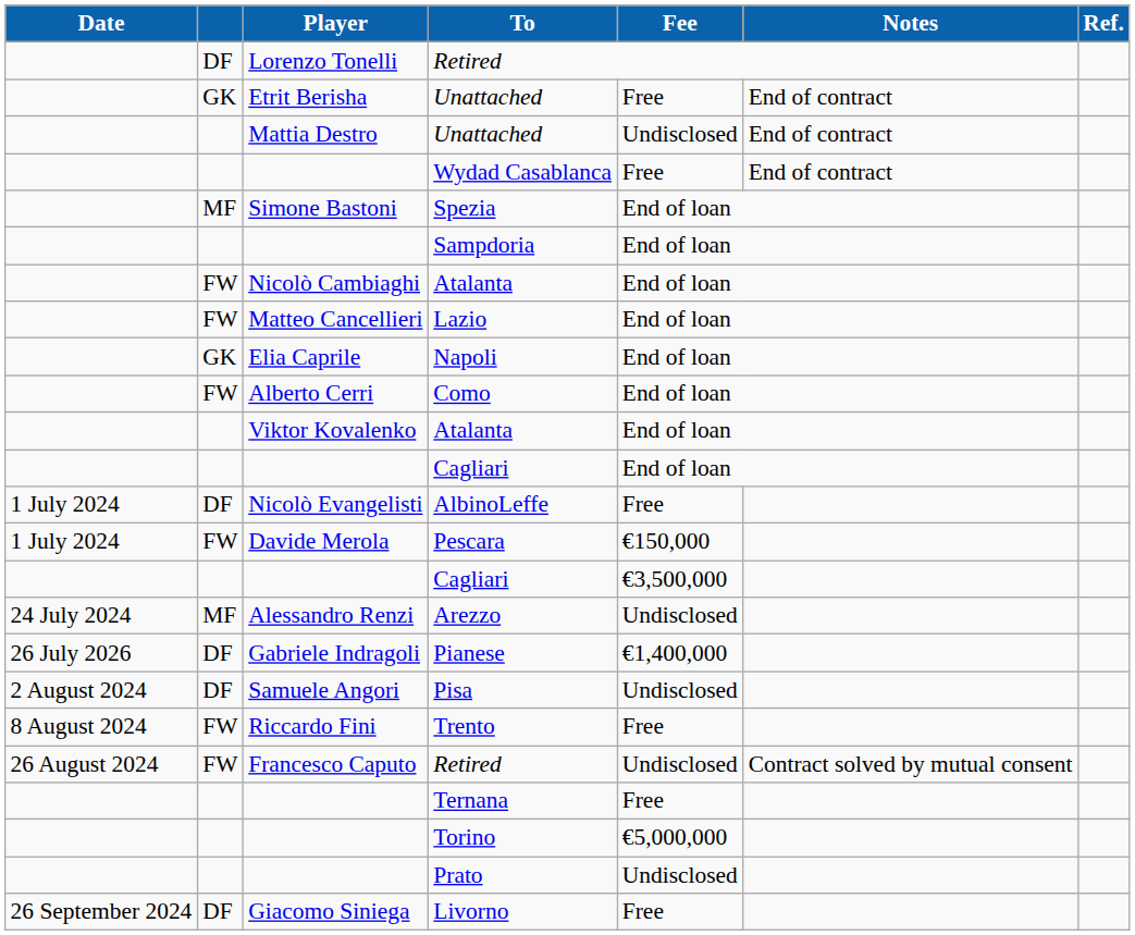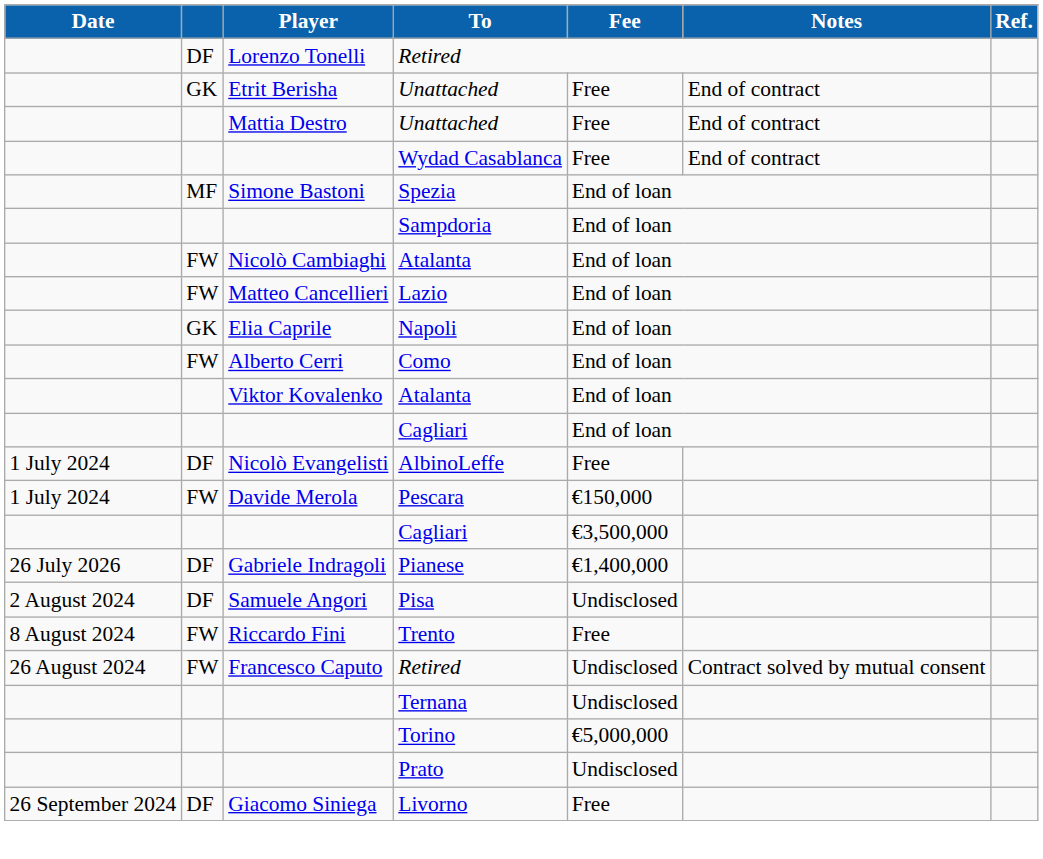 <table class="wikitable plainrowheaders">
 <tr>
 <th style="background:#0962AB;color:white">Date</th>
 <th style="background:#0962AB;color:white"></th>
 <th style="background:#0962AB;color:white">Player</th>
 <th style="background:#0962AB;color:white">To</th>
 <th style="background:#0962AB;color:white">Fee</th>
 <th style="background:#0962AB;color:white">Notes</th>
 <th style="background:#0962AB;color:white">Ref.</th>
 </tr>
 <tr>
 <td></td>
 <td>DF</td>
 <td> <a href='#'>Lorenzo Tonelli</a></td>
 <td colspan="3"><em>Retired</em></td>
 <td></td>
 </tr>
 <tr>
 <td></td>
 <td>GK</td>
 <td> <a href='#'>Etrit Berisha</a></td>
 <td><em>Unattached</em></td>
 <td>Free</td>
 <td>End of contract</td>
 <td></td>
 </tr>
 <tr>
 <td></td>
 <td></td>
 <td> <a href='#'>Mattia Destro</a></td>
 <td><em>Unattached</em></td>
-<td>Undisclosed</td>
+<td>Free</td>
 <td>End of contract</td>
 <td></td>
 </tr>
 <tr>
 <td></td>
 <td align="center"></td>
 <td> </td>
 <td> <a href='#'>Wydad Casablanca</a></td>
 <td>Free</td>
 <td>End of contract</td>
 <td></td>
 </tr>
 <tr>
 <td></td>
 <td>MF</td>
 <td> <a href='#'>Simone Bastoni</a></td>
 <td> <a href='#'>Spezia</a></td>
 <td colspan="2">End of loan</td>
 <td></td>
 </tr>
 <tr>
 <td></td>
 <td align="center"></td>
 <td> </td>
 <td> <a href='#'>Sampdoria</a></td>
 <td colspan="2">End of loan</td>
 <td></td>
 </tr>
 <tr>
 <td></td>
 <td>FW</td>
 <td> <a href='#'>Nicolò Cambiaghi</a></td>
 <td> <a href='#'>Atalanta</a></td>
 <td colspan="2">End of loan</td>
 <td></td>
 </tr>
 <tr>
 <td></td>
 <td>FW</td>
 <td> <a href='#'>Matteo Cancellieri</a></td>
 <td> <a href='#'>Lazio</a></td>
 <td colspan="2">End of loan</td>
 <td></td>
 </tr>
 <tr>
 <td></td>
 <td>GK</td>
 <td> <a href='#'>Elia Caprile</a></td>
 <td> <a href='#'>Napoli</a></td>
 <td colspan="2">End of loan</td>
 <td></td>
 </tr>
 <tr>
 <td></td>
 <td>FW</td>
 <td> <a href='#'>Alberto Cerri</a></td>
 <td> <a href='#'>Como</a></td>
 <td colspan="2">End of loan</td>
 <td></td>
 </tr>
 <tr>
 <td></td>
 <td></td>
 <td> <a href='#'>Viktor Kovalenko</a></td>
 <td> <a href='#'>Atalanta</a></td>
 <td colspan="2">End of loan</td>
 <td></td>
 </tr>
 <tr>
 <td></td>
 <td align="center"></td>
 <td> </td>
 <td> <a href='#'>Cagliari</a></td>
 <td colspan="2">End of loan</td>
 <td></td>
 </tr>
 <tr>
 <td>1 July 2024</td>
 <td>DF</td>
 <td> <a href='#'>Nicolò Evangelisti</a></td>
 <td> <a href='#'>AlbinoLeffe</a></td>
 <td>Free</td>
 <td></td>
 <td></td>
 </tr>
 <tr>
 <td>1 July 2024</td>
 <td>FW</td>
 <td> <a href='#'>Davide Merola</a></td>
 <td> <a href='#'>Pescara</a></td>
 <td>€150,000</td>
 <td></td>
 <td></td>
 </tr>
 <tr>
 <td></td>
 <td align="center"></td>
 <td> </td>
 <td> <a href='#'>Cagliari</a></td>
 <td>€3,500,000</td>
 <td></td>
 <td></td>
 </tr>
 <tr>
-<td>24 July 2024</td>
-<td>MF</td>
-<td> <a href='#'>Alessandro Renzi</a></td>
-<td> <a href='#'>Arezzo</a></td>
-<td>Undisclosed</td>
-<td></td>
-<td></td>
-</tr>
-<tr>
 <td>26 July 2026</td>
 <td>DF</td>
 <td> <a href='#'>Gabriele Indragoli</a></td>
 <td> <a href='#'>Pianese</a></td>
 <td>€1,400,000</td>
 <td></td>
 <td></td>
 </tr>
 <tr>
 <td>2 August 2024</td>
 <td>DF</td>
 <td> <a href='#'>Samuele Angori</a></td>
 <td> <a href='#'>Pisa</a></td>
 <td>Undisclosed</td>
 <td></td>
 <td></td>
 </tr>
 <tr>
 <td>8 August 2024</td>
 <td>FW</td>
 <td> <a href='#'>Riccardo Fini</a></td>
 <td> <a href='#'>Trento</a></td>
 <td>Free</td>
 <td></td>
 <td></td>
 </tr>
 <tr>
 <td>26 August 2024</td>
 <td>FW</td>
 <td> <a href='#'>Francesco Caputo</a></td>
 <td><em>Retired</em></td>
 <td>Undisclosed</td>
 <td>Contract solved by mutual consent</td>
 <td></td>
 </tr>
 <tr>
 <td></td>
 <td align="center"></td>
 <td> </td>
 <td> <a href='#'>Ternana</a></td>
-<td>Free</td>
+<td>Undisclosed</td>
 <td></td>
 <td></td>
 </tr>
 <tr>
 <td></td>
 <td align="center"></td>
 <td> </td>
 <td> <a href='#'>Torino</a></td>
 <td>€5,000,000</td>
 <td></td>
 <td></td>
 </tr>
 <tr>
 <td></td>
 <td align="center"></td>
 <td> </td>
 <td> <a href='#'>Prato</a></td>
 <td>Undisclosed</td>
 <td></td>
 <td></td>
 </tr>
 <tr>
 <td>26 September 2024</td>
 <td>DF</td>
 <td> <a href='#'>Giacomo Siniega</a></td>
 <td> <a href='#'>Livorno</a></td>
 <td>Free</td>
 <td></td>
 <td></td>
 </tr>
 </table>
